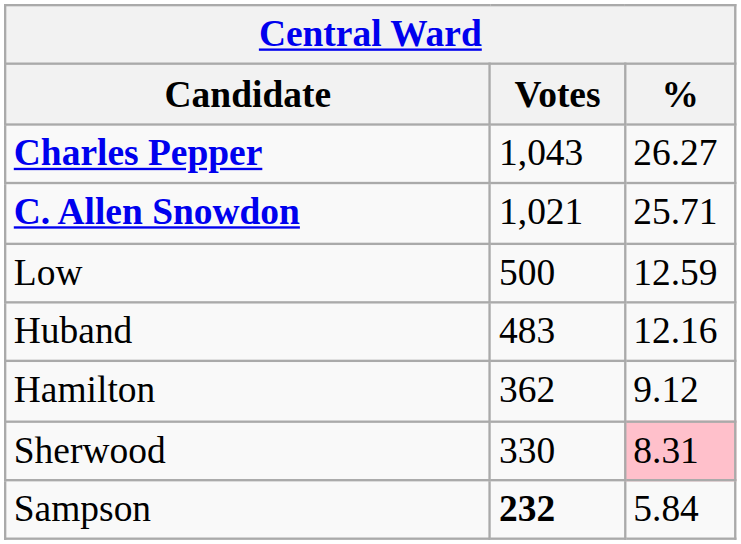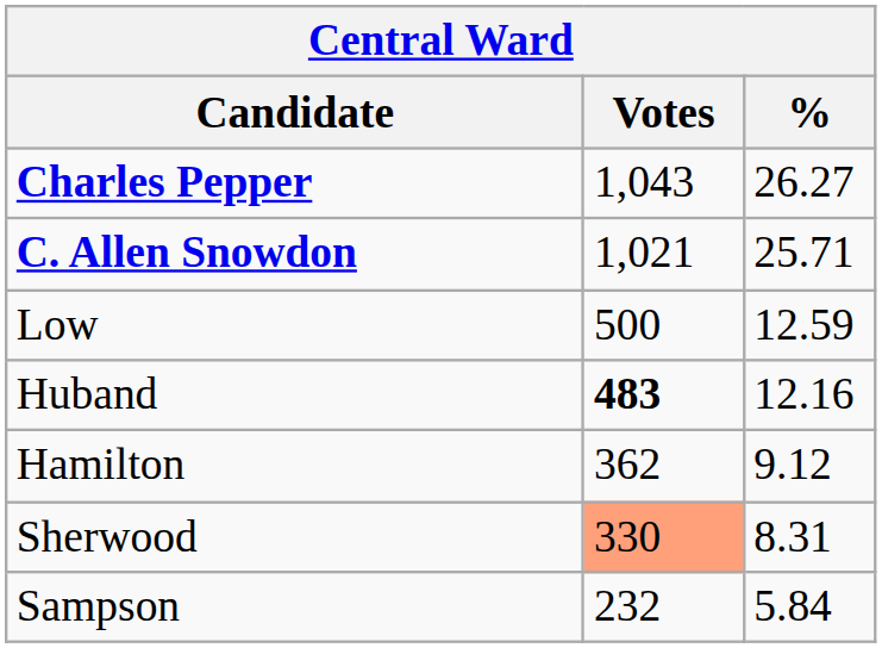 <table class="wikitable">
 <tr>
 <th colspan="3"><a href='#'>Central Ward</a></th>
 </tr>
 <tr>
 <th style="width: 200px">Candidate</th>
 <th style="width: 50px">Votes</th>
 <th style="width: 40px">%</th>
 </tr>
 <tr>
 <td><strong><a href='#'>Charles Pepper</a></strong></td>
 <td>1,043</td>
 <td>26.27</td>
 </tr>
 <tr>
 <td><strong><a href='#'>C. Allen Snowdon</a></strong></td>
 <td>1,021</td>
 <td>25.71</td>
 </tr>
 <tr>
 <td>Low</td>
 <td>500</td>
 <td>12.59</td>
 </tr>
 <tr>
 <td>Huband</td>
-<td>483</td>
+<td><strong>483</strong></td>
 <td>12.16</td>
 </tr>
 <tr>
 <td>Hamilton</td>
 <td>362</td>
 <td>9.12</td>
 </tr>
 <tr>
 <td>Sherwood</td>
-<td>330</td>
-<td style="background: pink;">8.31</td>
+<td style="background: lightsalmon;">330</td>
+<td>8.31</td>
 </tr>
 <tr>
 <td>Sampson</td>
-<td><strong>232</strong></td>
+<td>232</td>
 <td>5.84</td>
 </tr>
 </table>
